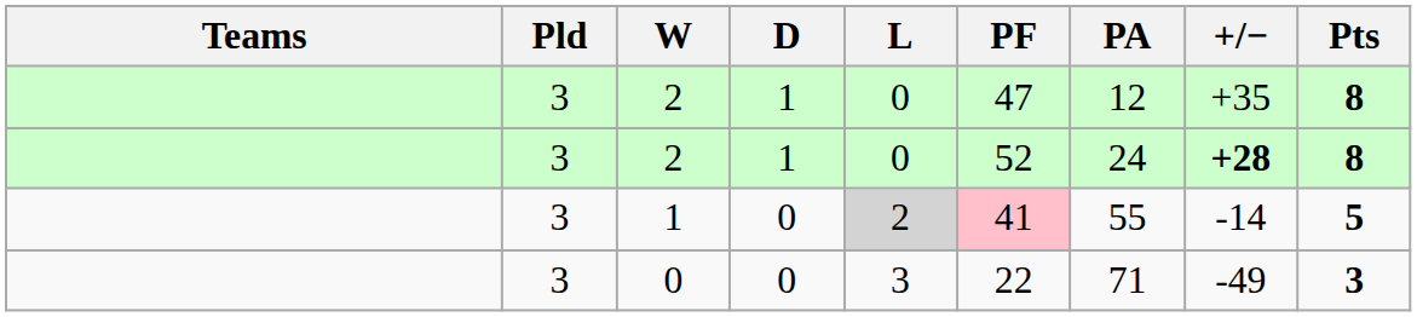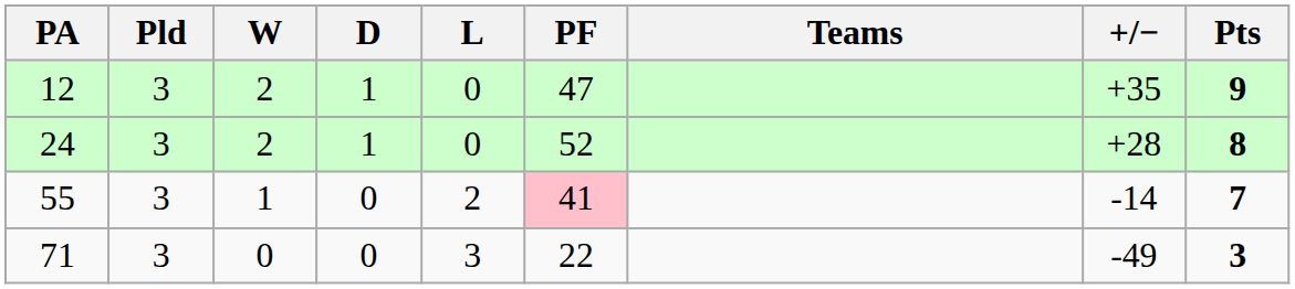 <table class="wikitable" style="text-align: center;">
 <tr>
-<th width="200">Teams</th>
+<th width="40">PA</th>
 <th width="40">Pld</th>
 <th width="40">W</th>
 <th width="40">D</th>
 <th width="40">L</th>
 <th width="40">PF</th>
-<th width="40">PA</th>
+<th width="200">Teams</th>
 <th width="40">+/−</th>
 <th width="40">Pts</th>
 </tr>
 <tr bgcolor=#ccffcc>
-<td align=left></td>
+<td>12</td>
 <td>3</td>
 <td>2</td>
 <td>1</td>
 <td>0</td>
 <td>47</td>
-<td>12</td>
+<td align=left></td>
 <td>+35</td>
-<td><strong>8</strong></td>
+<td><strong>9</strong></td>
 </tr>
 <tr bgcolor=#ccffcc>
-<td align=left></td>
+<td>24</td>
 <td>3</td>
 <td>2</td>
 <td>1</td>
 <td>0</td>
 <td>52</td>
-<td>24</td>
-<td><strong>+28</strong></td>
+<td align=left></td>
+<td>+28</td>
 <td><strong>8</strong></td>
 </tr>
 <tr>
-<td align=left></td>
+<td>55</td>
 <td>3</td>
 <td>1</td>
 <td>0</td>
-<td style="background: lightgrey;">2</td>
+<td>2</td>
 <td style="background: pink;">41</td>
-<td>55</td>
+<td align=left></td>
 <td>-14</td>
-<td><strong>5</strong></td>
+<td><strong>7</strong></td>
 </tr>
 <tr>
-<td align=left></td>
+<td>71</td>
 <td>3</td>
 <td>0</td>
 <td>0</td>
 <td>3</td>
 <td>22</td>
-<td>71</td>
+<td align=left></td>
 <td>-49</td>
 <td><strong>3</strong></td>
 </tr>
 </table>
